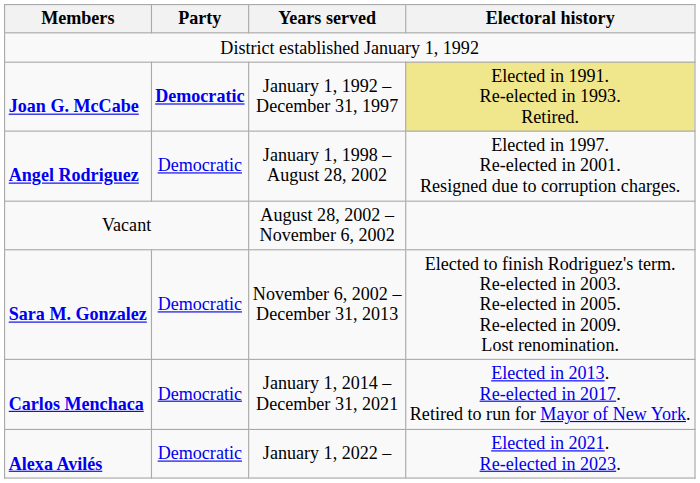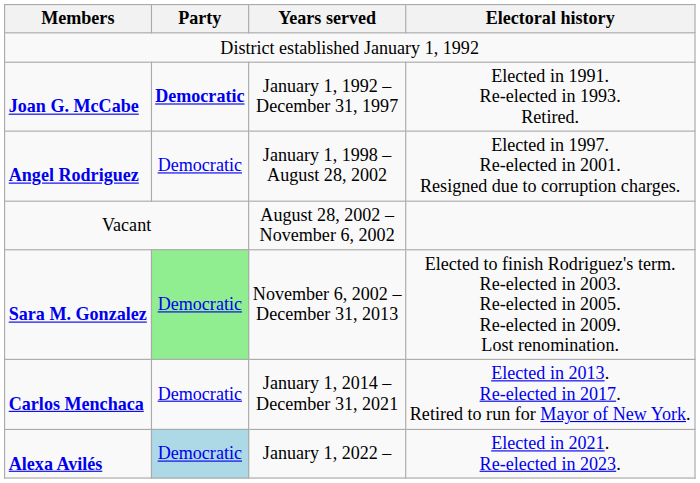 <table class=wikitable style="text-align:center">
 <tr>
 <th>Members</th>
 <th>Party</th>
 <th>Years served</th>
 <th>Electoral history</th>
 </tr>
 <tr>
 <td colspan=5>District established January 1, 1992</td>
 </tr>
 <tr>
 <td align=left><br><strong><a href='#'>Joan G. McCabe</a></strong><br></td>
 <td><strong><a href='#'>Democratic</a></strong></td>
 <td>January 1, 1992 – <br> December 31, 1997</td>
-<td style="background: khaki;">Elected in 1991. <br> Re-elected in 1993. <br> Retired.</td>
+<td>Elected in 1991. <br> Re-elected in 1993. <br> Retired.</td>
 </tr>
 <tr>
 <td align=left><br><strong><a href='#'>Angel Rodriguez</a></strong><br></td>
 <td><a href='#'>Democratic</a></td>
 <td>January 1, 1998 – <br> August 28, 2002</td>
 <td>Elected in 1997. <br> Re-elected in 2001. <br> Resigned due to corruption charges.</td>
 </tr>
 <tr>
 <td colspan=2>Vacant</td>
 <td>August 28, 2002 – <br> November 6, 2002</td>
 <td></td>
 </tr>
 <tr>
 <td align=left><br><strong><a href='#'>Sara M. Gonzalez</a></strong><br></td>
-<td><a href='#'>Democratic</a></td>
+<td style="background: lightgreen;"><a href='#'>Democratic</a></td>
 <td>November 6, 2002 – <br> December 31, 2013</td>
 <td>Elected to finish Rodriguez's term. <br> Re-elected in 2003. <br> Re-elected in 2005. <br> Re-elected in 2009. <br> Lost renomination.</td>
 </tr>
 <tr>
 <td align=left><br><strong><a href='#'>Carlos Menchaca</a></strong><br></td>
 <td><a href='#'>Democratic</a></td>
 <td>January 1, 2014 – <br> December 31, 2021</td>
 <td><a href='#'>Elected in 2013</a>. <br> <a href='#'>Re-elected in 2017</a>. <br> Retired to run for <a href='#'>Mayor of New York</a>.</td>
 </tr>
 <tr>
 <td align=left><br><strong><a href='#'>Alexa Avilés</a></strong><br></td>
-<td><a href='#'>Democratic</a></td>
+<td style="background: lightblue;"><a href='#'>Democratic</a></td>
 <td>January 1, 2022 – <br></td>
 <td><a href='#'>Elected in 2021</a>. <br> <a href='#'>Re-elected in 2023</a>.</td>
 </tr>
 </table>
